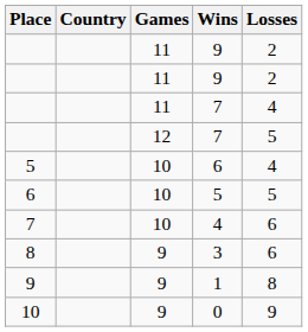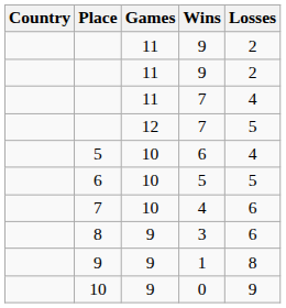 <table class="wikitable" style="text-align:center;">
 <tr>
+<th>Country</th>
 <th>Place</th>
-<th>Country</th>
 <th>Games</th>
 <th>Wins</th>
 <th>Losses</th>
 </tr>
 <tr>
+<td align=left></td>
 <td></td>
-<td align=left></td>
 <td>11</td>
 <td>9</td>
 <td>2</td>
 </tr>
 <tr>
+<td align=left></td>
 <td></td>
-<td align=left></td>
 <td>11</td>
 <td>9</td>
 <td>2</td>
 </tr>
 <tr>
+<td align=left></td>
 <td></td>
-<td align=left></td>
 <td>11</td>
 <td>7</td>
 <td>4</td>
 </tr>
 <tr>
+<td align=left></td>
 <td></td>
-<td align=left></td>
 <td>12</td>
 <td>7</td>
 <td>5</td>
 </tr>
 <tr>
+<td align=left></td>
 <td>5</td>
-<td align=left></td>
 <td>10</td>
 <td>6</td>
 <td>4</td>
 </tr>
 <tr>
+<td align=left></td>
 <td>6</td>
-<td align=left></td>
 <td>10</td>
 <td>5</td>
 <td>5</td>
 </tr>
 <tr>
+<td align=left></td>
 <td>7</td>
-<td align=left></td>
 <td>10</td>
 <td>4</td>
 <td>6</td>
 </tr>
 <tr>
+<td align=left></td>
 <td>8</td>
-<td align=left></td>
 <td>9</td>
 <td>3</td>
 <td>6</td>
 </tr>
 <tr>
+<td align=left></td>
 <td>9</td>
-<td align=left></td>
 <td>9</td>
 <td>1</td>
 <td>8</td>
 </tr>
 <tr>
+<td align=left></td>
 <td>10</td>
-<td align=left></td>
 <td>9</td>
 <td>0</td>
 <td>9</td>
 </tr>
 </table>
